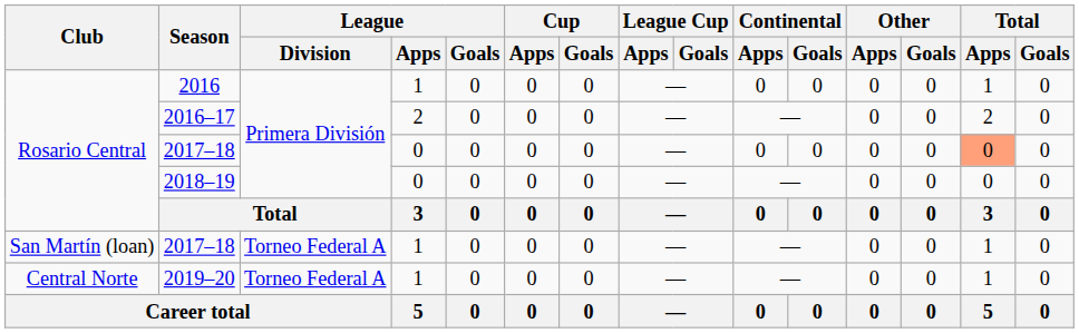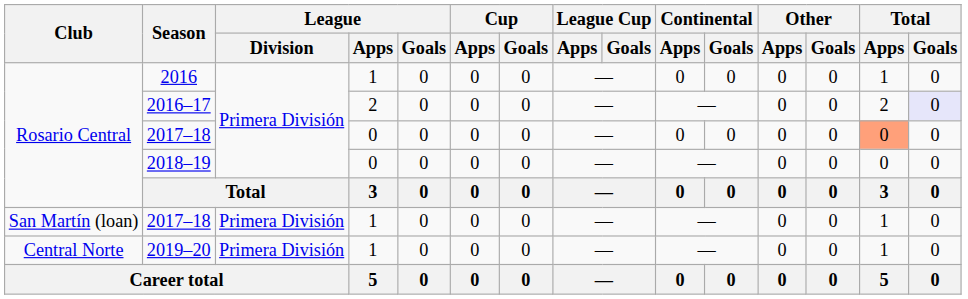 <table class="wikitable" style="text-align:center">
 <tr>
 <th rowspan="2">Club</th>
 <th rowspan="2">Season</th>
 <th colspan="3">League</th>
 <th colspan="2">Cup</th>
 <th colspan="2">League Cup</th>
 <th colspan="2">Continental</th>
 <th colspan="2">Other</th>
 <th colspan="2">Total</th>
 </tr>
 <tr>
 <th>Division</th>
 <th>Apps</th>
 <th>Goals</th>
 <th>Apps</th>
 <th>Goals</th>
 <th>Apps</th>
 <th>Goals</th>
 <th>Apps</th>
 <th>Goals</th>
 <th>Apps</th>
 <th>Goals</th>
 <th>Apps</th>
 <th>Goals</th>
 </tr>
 <tr>
 <td rowspan="5"><a href='#'>Rosario Central</a></td>
 <td><a href='#'>2016</a></td>
 <td rowspan="4"><a href='#'>Primera División</a></td>
 <td>1</td>
 <td>0</td>
 <td>0</td>
 <td>0</td>
 <td colspan="2">—</td>
 <td>0</td>
 <td>0</td>
 <td>0</td>
 <td>0</td>
 <td>1</td>
 <td>0</td>
 </tr>
 <tr>
 <td><a href='#'>2016–17</a></td>
 <td>2</td>
 <td>0</td>
 <td>0</td>
 <td>0</td>
 <td colspan="2">—</td>
 <td colspan="2">—</td>
 <td>0</td>
 <td>0</td>
 <td>2</td>
-<td>0</td>
+<td style="background: lavender;">0</td>
 </tr>
 <tr>
 <td><a href='#'>2017–18</a></td>
 <td>0</td>
 <td>0</td>
 <td>0</td>
 <td>0</td>
 <td colspan="2">—</td>
 <td>0</td>
 <td>0</td>
 <td>0</td>
 <td>0</td>
 <td style="background: lightsalmon;">0</td>
 <td>0</td>
 </tr>
 <tr>
 <td><a href='#'>2018–19</a></td>
 <td>0</td>
 <td>0</td>
 <td>0</td>
 <td>0</td>
 <td colspan="2">—</td>
 <td colspan="2">—</td>
 <td>0</td>
 <td>0</td>
 <td>0</td>
 <td>0</td>
 </tr>
 <tr>
 <th colspan="2">Total</th>
 <th>3</th>
 <th>0</th>
 <th>0</th>
 <th>0</th>
 <th colspan="2">—</th>
 <th>0</th>
 <th>0</th>
 <th>0</th>
 <th>0</th>
 <th>3</th>
 <th>0</th>
 </tr>
 <tr>
 <td rowspan="1"><a href='#'>San Martín</a> (loan)</td>
 <td><a href='#'>2017–18</a></td>
-<td rowspan="1"><a href='#'>Torneo Federal A</a></td>
+<td rowspan="1"><a href='#'>Primera División</a></td>
 <td>1</td>
 <td>0</td>
 <td>0</td>
 <td>0</td>
 <td colspan="2">—</td>
 <td colspan="2">—</td>
 <td>0</td>
 <td>0</td>
 <td>1</td>
 <td>0</td>
 </tr>
 <tr>
 <td rowspan="1"><a href='#'>Central Norte</a></td>
 <td><a href='#'>2019–20</a></td>
-<td rowspan="1"><a href='#'>Torneo Federal A</a></td>
+<td rowspan="1"><a href='#'>Primera División</a></td>
 <td>1</td>
 <td>0</td>
 <td>0</td>
 <td>0</td>
 <td colspan="2">—</td>
 <td colspan="2">—</td>
 <td>0</td>
 <td>0</td>
 <td>1</td>
 <td>0</td>
 </tr>
 <tr>
 <th colspan="3">Career total</th>
 <th>5</th>
 <th>0</th>
 <th>0</th>
 <th>0</th>
 <th colspan="2">—</th>
 <th>0</th>
 <th>0</th>
 <th>0</th>
 <th>0</th>
 <th>5</th>
 <th>0</th>
 </tr>
 </table>
